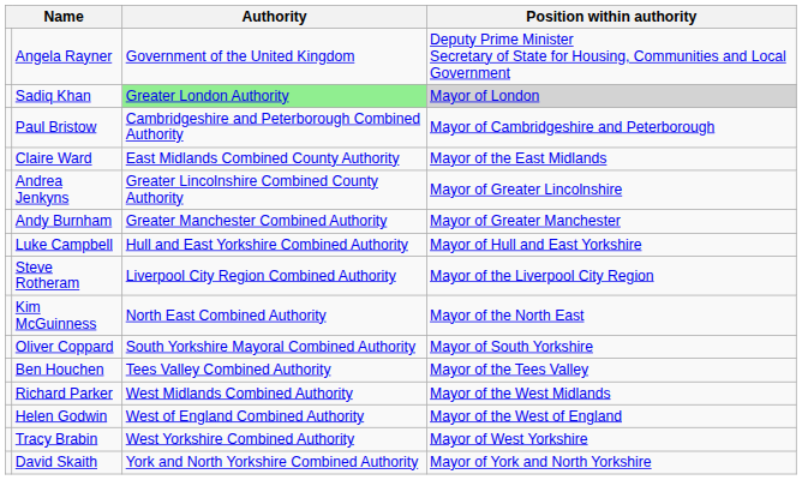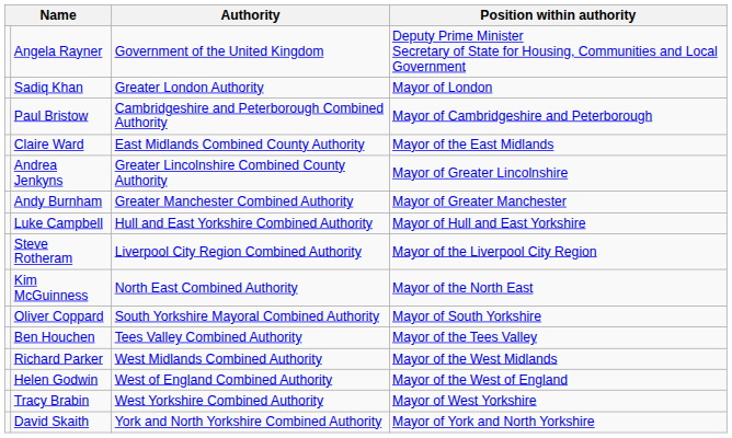 <table class="wikitable sortable">
 <tr>
 <th colspan="2">Name</th>
 <th>Authority</th>
 <th>Position within authority</th>
 </tr>
 <tr>
 <td style="color:inherit;background:"></td>
 <td><a href='#'>Angela Rayner</a></td>
 <td><a href='#'>Government of the United Kingdom</a></td>
 <td><a href='#'>Deputy Prime Minister</a><br><a href='#'>Secretary of State for Housing, Communities and Local Government</a></td>
 </tr>
 <tr>
 <td style="color:inherit;background:"></td>
 <td><a href='#'>Sadiq Khan</a></td>
-<td style="background: lightgreen;"><a href='#'>Greater London Authority</a></td>
-<td style="background: lightgrey;"><a href='#'>Mayor of London</a></td>
+<td><a href='#'>Greater London Authority</a></td>
+<td><a href='#'>Mayor of London</a></td>
 </tr>
 <tr>
 <td style="color:inherit;background:"></td>
 <td><a href='#'>Paul Bristow</a></td>
 <td><a href='#'>Cambridgeshire and Peterborough Combined Authority</a></td>
 <td><a href='#'>Mayor of Cambridgeshire and Peterborough</a></td>
 </tr>
 <tr>
 <td style="color:inherit;background:"></td>
 <td><a href='#'>Claire Ward</a></td>
 <td><a href='#'>East Midlands Combined County Authority</a></td>
 <td><a href='#'>Mayor of the East Midlands</a></td>
 </tr>
 <tr>
 <td style="color:inherit;background:"></td>
 <td><a href='#'>Andrea Jenkyns</a></td>
 <td><a href='#'>Greater Lincolnshire Combined County Authority</a></td>
 <td><a href='#'>Mayor of Greater Lincolnshire</a></td>
 </tr>
 <tr>
 <td style="color:inherit;background:"></td>
 <td><a href='#'>Andy Burnham</a></td>
 <td><a href='#'>Greater Manchester Combined Authority</a></td>
 <td><a href='#'>Mayor of Greater Manchester</a></td>
 </tr>
 <tr>
 <td style="color:inherit;background:"></td>
 <td><a href='#'>Luke Campbell</a></td>
 <td><a href='#'>Hull and East Yorkshire Combined Authority</a></td>
 <td><a href='#'>Mayor of Hull and East Yorkshire</a></td>
 </tr>
 <tr>
 <td style="color:inherit;background:"></td>
 <td><a href='#'>Steve Rotheram</a></td>
 <td><a href='#'>Liverpool City Region Combined Authority</a></td>
 <td><a href='#'>Mayor of the Liverpool City Region</a></td>
 </tr>
 <tr>
 <td style="color:inherit;background:"></td>
 <td><a href='#'>Kim McGuinness</a></td>
 <td><a href='#'>North East Combined Authority</a></td>
 <td><a href='#'>Mayor of the North East</a></td>
 </tr>
 <tr>
 <td style="color:inherit;background:"></td>
 <td><a href='#'>Oliver Coppard</a></td>
 <td><a href='#'>South Yorkshire Mayoral Combined Authority</a></td>
 <td><a href='#'>Mayor of South Yorkshire</a></td>
 </tr>
 <tr>
 <td style="color:inherit;background:"></td>
 <td><a href='#'>Ben Houchen</a></td>
 <td><a href='#'>Tees Valley Combined Authority</a></td>
 <td><a href='#'>Mayor of the Tees Valley</a></td>
 </tr>
 <tr>
 <td style="color:inherit;background:"></td>
 <td><a href='#'>Richard Parker</a></td>
 <td><a href='#'>West Midlands Combined Authority</a></td>
 <td><a href='#'>Mayor of the West Midlands</a></td>
 </tr>
 <tr>
 <td style="color:inherit;background:"></td>
 <td><a href='#'>Helen Godwin</a></td>
 <td><a href='#'>West of England Combined Authority</a></td>
 <td><a href='#'>Mayor of the West of England</a></td>
 </tr>
 <tr>
 <td style="color:inherit;background:"></td>
 <td><a href='#'>Tracy Brabin</a></td>
 <td><a href='#'>West Yorkshire Combined Authority</a></td>
 <td><a href='#'>Mayor of West Yorkshire</a></td>
 </tr>
 <tr>
 <td style="color:inherit;background:"></td>
 <td><a href='#'>David Skaith</a></td>
 <td><a href='#'>York and North Yorkshire Combined Authority</a></td>
 <td><a href='#'>Mayor of York and North Yorkshire</a></td>
 </tr>
 </table>
